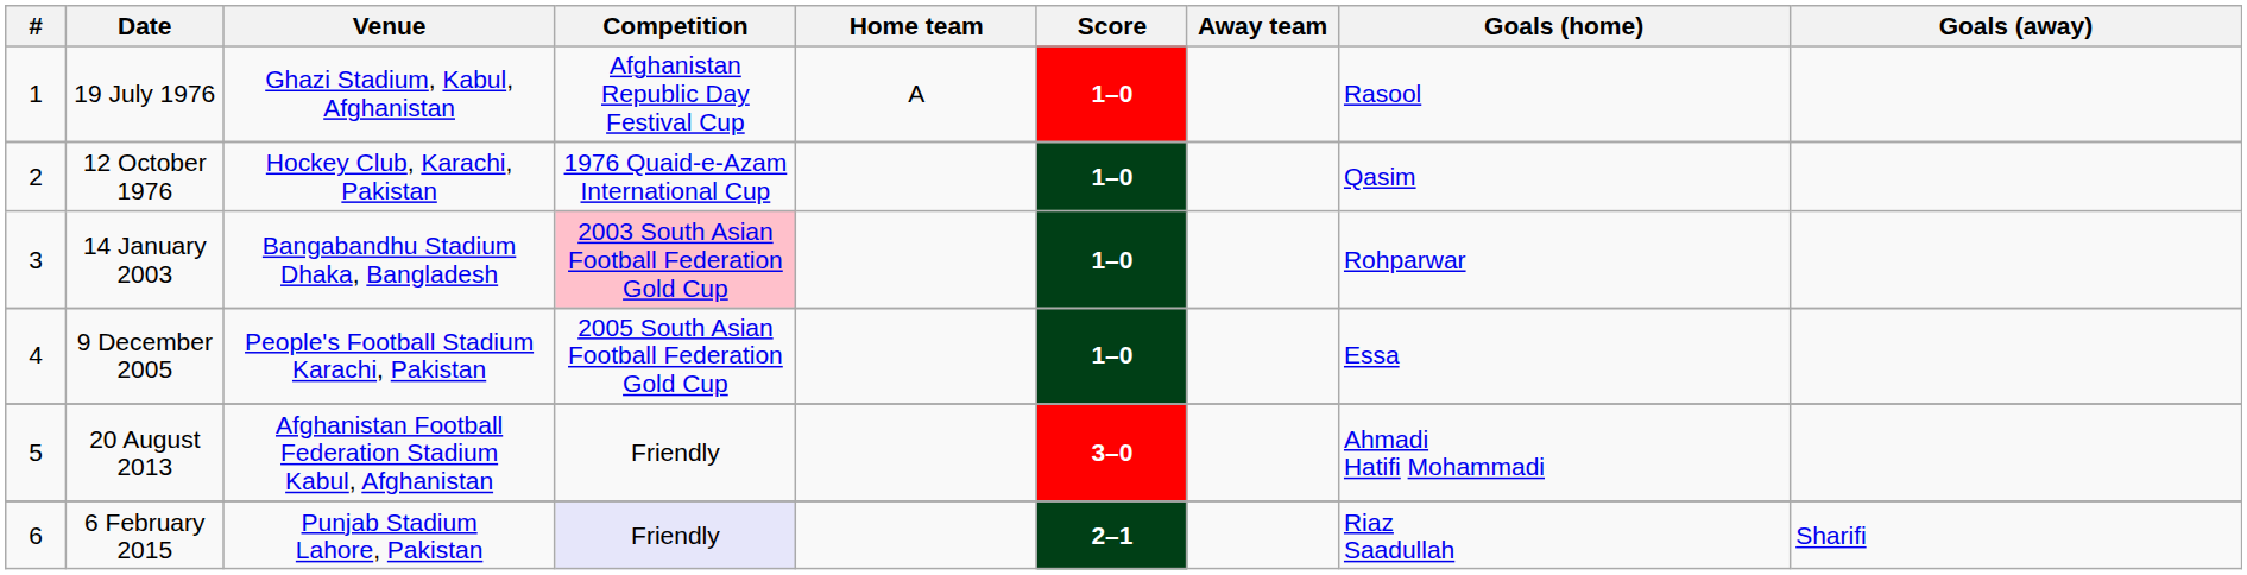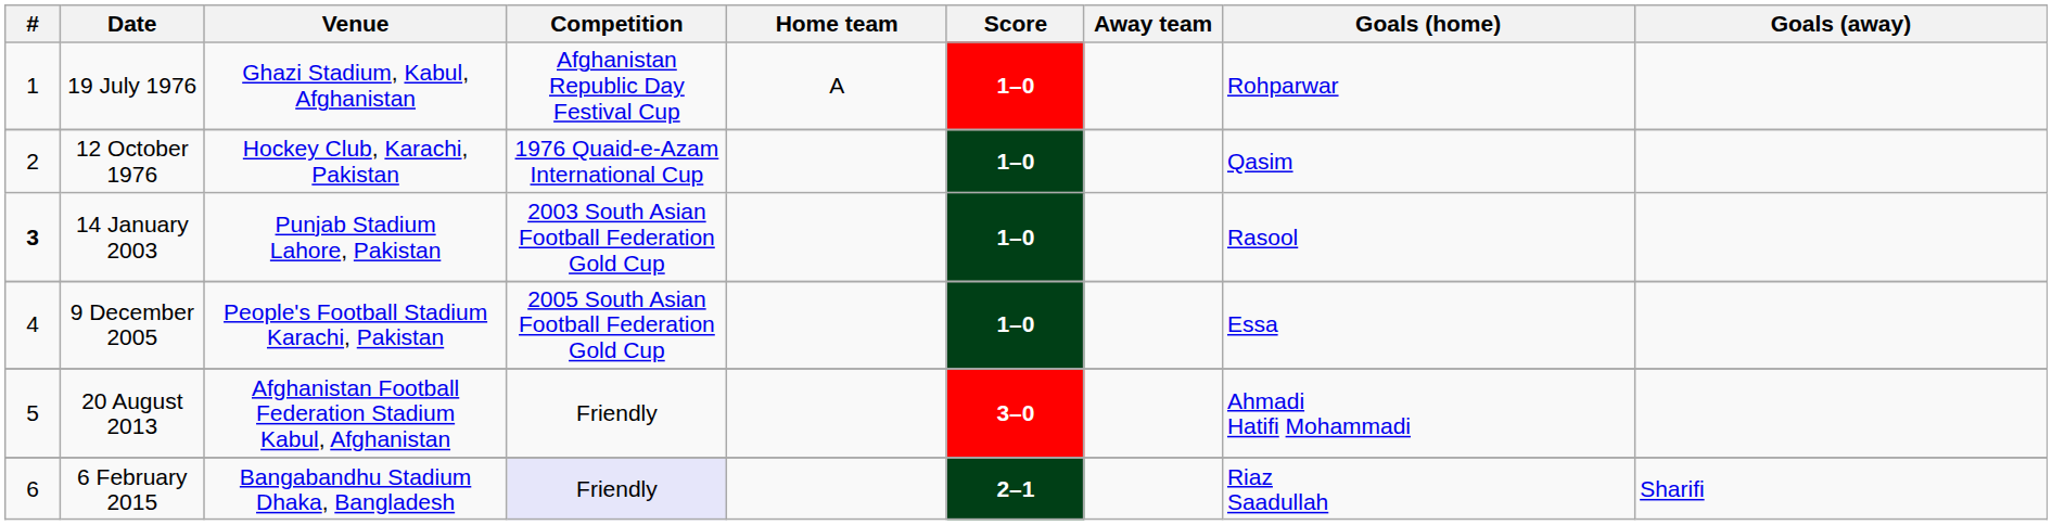 <table class="wikitable sortable" style="width:100%; margin:0 left; font-size:88%">
 <tr>
 <th width="2%">#</th>
 <th class="unsortable" style="width:4%;">Date</th>
 <th style="width:11%;">Venue</th>
 <th style="width:8%;">Competition</th>
 <th style="width:8%;">Home team</th>
 <th style="width:5%;">Score</th>
 <th style="width:5%;">Away team</th>
 <th style="width:15%;">Goals (home)</th>
 <th style="width:15%;">Goals (away)</th>
 </tr>
 <tr style="text-align:center;">
 <td>1</td>
 <td>19 July 1976</td>
 <td><a href='#'>Ghazi Stadium</a>, <a href='#'>Kabul</a>, <a href='#'>Afghanistan</a></td>
 <td><a href='#'>Afghanistan Republic Day Festival Cup</a></td>
 <td> A</td>
 <td style="color:#fff; background:#FF0000;"><strong>1–0</strong></td>
 <td></td>
-<td align="left"><a href='#'>Rasool</a> </td>
+<td align="left"><a href='#'>Rohparwar</a> </td>
 <td align="left"></td>
 </tr>
 <tr style="text-align:center;">
 </tr>
 <tr style="text-align:center;">
 <td>2</td>
 <td>12 October 1976</td>
 <td><a href='#'>Hockey Club</a>, <a href='#'>Karachi</a>, <a href='#'>Pakistan</a></td>
 <td><a href='#'>1976 Quaid-e-Azam International Cup</a></td>
 <td></td>
 <td style="color:#fff; background:#003F16;"><strong>1–0</strong></td>
 <td></td>
 <td align="left"><a href='#'>Qasim</a> </td>
 <td align="left"></td>
 </tr>
 <tr style="text-align:center;">
-<td>3</td>
+<td><strong>3</strong></td>
 <td>14 January 2003</td>
-<td><a href='#'>Bangabandhu Stadium</a><br><a href='#'>Dhaka</a>, <a href='#'>Bangladesh</a></td>
-<td style="background: pink;"><a href='#'>2003 South Asian Football Federation Gold Cup</a></td>
+<td><a href='#'>Punjab Stadium</a><br><a href='#'>Lahore</a>, <a href='#'>Pakistan</a></td>
+<td><a href='#'>2003 South Asian Football Federation Gold Cup</a></td>
 <td></td>
 <td style="color:#fff; background:#003F16;"><strong>1–0</strong></td>
 <td></td>
-<td align="left"><a href='#'>Rohparwar</a> </td>
+<td align="left"><a href='#'>Rasool</a> </td>
 <td align="left"></td>
 </tr>
 <tr>
 </tr>
 <tr style="text-align:center;">
 <td>4</td>
 <td>9 December 2005</td>
 <td><a href='#'>People's Football Stadium</a><br><a href='#'>Karachi</a>, <a href='#'>Pakistan</a></td>
 <td><a href='#'>2005 South Asian Football Federation Gold Cup</a></td>
 <td></td>
 <td style="color:#fff; background:#003F16;"><strong>1–0</strong></td>
 <td></td>
 <td align="left"><a href='#'>Essa</a> </td>
 <td align="left"></td>
 </tr>
 <tr>
 </tr>
 <tr style="text-align:center;">
 <td>5</td>
 <td>20 August 2013</td>
 <td><a href='#'>Afghanistan Football Federation Stadium</a><br><a href='#'>Kabul</a>, <a href='#'>Afghanistan</a></td>
 <td>Friendly</td>
 <td></td>
 <td style="color:#fff; background:#FF0000;"><strong>3–0</strong></td>
 <td></td>
 <td align="left"><a href='#'>Ahmadi</a> <br><a href='#'>Hatifi</a>  <a href='#'>Mohammadi</a> </td>
 <td align="left"></td>
 </tr>
 <tr>
 </tr>
 <tr style="text-align:center;">
 <td>6</td>
 <td>6 February 2015</td>
-<td><a href='#'>Punjab Stadium</a><br><a href='#'>Lahore</a>, <a href='#'>Pakistan</a></td>
+<td><a href='#'>Bangabandhu Stadium</a><br><a href='#'>Dhaka</a>, <a href='#'>Bangladesh</a></td>
 <td style="background: lavender;">Friendly</td>
 <td></td>
 <td style="color:#fff; background:#003F16;"><strong>2–1</strong></td>
 <td></td>
 <td align="left"><a href='#'>Riaz</a> <br><a href='#'>Saadullah</a> </td>
 <td align="left"><a href='#'>Sharifi</a> </td>
 </tr>
 </table>
